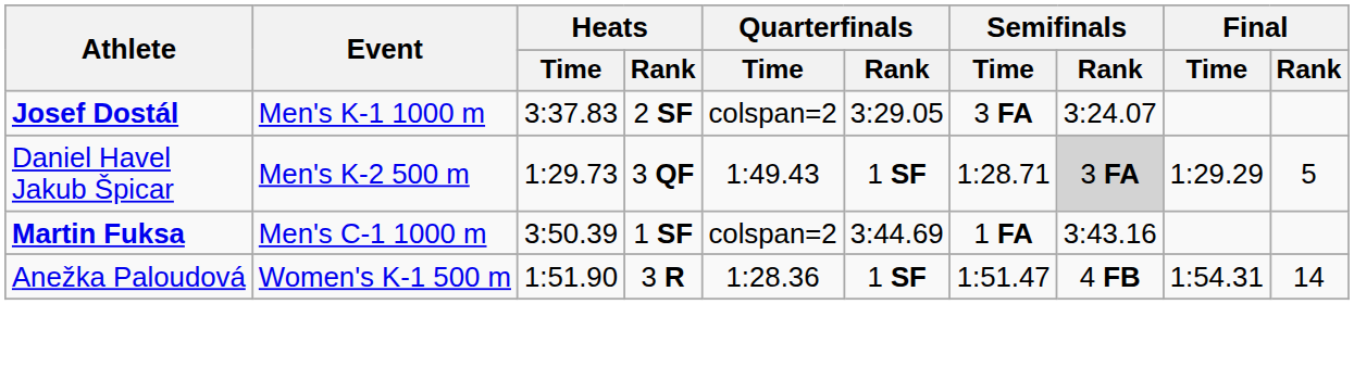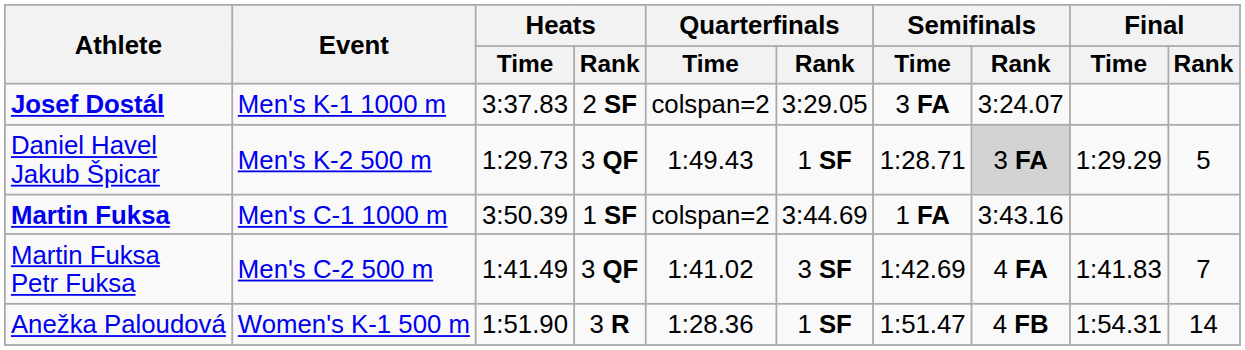 <table class=wikitable style="font-size:90%">
 <tr>
 <th rowspan="2">Athlete</th>
 <th rowspan="2">Event</th>
 <th colspan=2>Heats</th>
 <th colspan=2>Quarterfinals</th>
 <th colspan=2>Semifinals</th>
 <th colspan=2>Final</th>
 </tr>
 <tr style="font-size:95%">
 <th>Time</th>
 <th>Rank</th>
 <th>Time</th>
 <th>Rank</th>
 <th>Time</th>
 <th>Rank</th>
 <th>Time</th>
 <th>Rank</th>
 </tr>
 <tr align=center>
 <td align=left><strong><a href='#'>Josef Dostál</a></strong></td>
 <td align=left><a href='#'>Men's K-1 1000 m</a></td>
 <td>3:37.83</td>
 <td>2 <strong>SF</strong></td>
 <td>colspan=2 </td>
 <td>3:29.05</td>
 <td>3 <strong>FA</strong></td>
 <td>3:24.07</td>
 <td></td>
 </tr>
 <tr align=center>
 <td align=left><a href='#'>Daniel Havel</a><br><a href='#'>Jakub Špicar</a></td>
 <td align=left><a href='#'>Men's K-2 500 m</a></td>
 <td>1:29.73</td>
 <td>3 <strong>QF</strong></td>
 <td>1:49.43</td>
 <td>1 <strong>SF</strong></td>
 <td>1:28.71</td>
 <td style="background: lightgrey;">3 <strong>FA</strong></td>
 <td>1:29.29</td>
 <td>5</td>
 </tr>
 <tr align=center>
 <td align=left><strong><a href='#'>Martin Fuksa</a></strong></td>
 <td align=left><a href='#'>Men's C-1 1000 m</a></td>
 <td>3:50.39</td>
 <td>1 <strong>SF</strong></td>
 <td>colspan=2 </td>
 <td>3:44.69</td>
 <td>1 <strong>FA</strong></td>
 <td>3:43.16 </td>
 <td></td>
 </tr>
 <tr align=center>
+<td align=left><a href='#'>Martin Fuksa</a><br><a href='#'>Petr Fuksa</a></td>
+<td align=left><a href='#'>Men's C-2 500 m</a></td>
+<td>1:41.49</td>
+<td>3 <strong>QF</strong></td>
+<td>1:41.02</td>
+<td>3 <strong>SF</strong></td>
+<td>1:42.69</td>
+<td>4 <strong>FA</strong></td>
+<td>1:41.83</td>
+<td>7</td>
+</tr>
+<tr align=center>
 <td align=left><a href='#'>Anežka Paloudová</a></td>
 <td align=left><a href='#'>Women's K-1 500 m</a></td>
 <td>1:51.90</td>
 <td>3 <strong>R</strong></td>
 <td>1:28.36</td>
 <td>1 <strong>SF</strong></td>
 <td>1:51.47</td>
 <td>4 <strong>FB</strong></td>
 <td>1:54.31</td>
 <td>14</td>
 </tr>
 </table>
